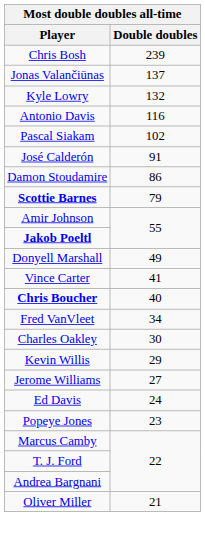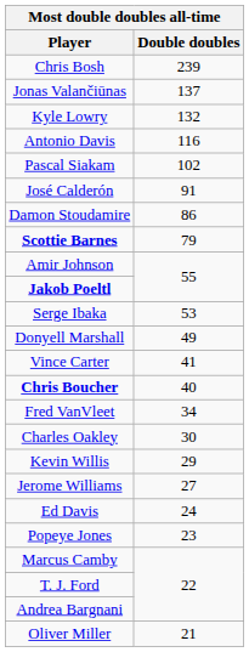 <table class="wikitable" style="text-align:center">
 <tr>
 <th colspan="2">Most double doubles all-time</th>
 </tr>
 <tr>
 <th>Player</th>
 <th>Double doubles</th>
 </tr>
 <tr>
 <td><a href='#'>Chris Bosh</a></td>
 <td>239</td>
 </tr>
 <tr>
 <td><a href='#'>Jonas Valančiūnas</a></td>
 <td>137</td>
 </tr>
 <tr>
 <td><a href='#'>Kyle Lowry</a></td>
 <td>132</td>
 </tr>
 <tr>
 <td><a href='#'>Antonio Davis</a></td>
 <td>116</td>
 </tr>
 <tr>
 <td><a href='#'>Pascal Siakam</a></td>
 <td>102</td>
 </tr>
 <tr>
 <td><a href='#'>José Calderón</a></td>
 <td>91</td>
 </tr>
 <tr>
 <td><a href='#'>Damon Stoudamire</a></td>
 <td>86</td>
 </tr>
 <tr>
 <td><strong><a href='#'>Scottie Barnes</a></strong></td>
 <td>79</td>
 </tr>
 <tr>
 <td><a href='#'>Amir Johnson</a></td>
 <td rowspan=2>55</td>
 </tr>
 <tr>
 <td><strong><a href='#'>Jakob Poeltl</a></strong></td>
+</tr>
+<tr>
+<td><a href='#'>Serge Ibaka</a></td>
+<td>53</td>
 </tr>
 <tr>
 <td><a href='#'>Donyell Marshall</a></td>
 <td>49</td>
 </tr>
 <tr>
 <td><a href='#'>Vince Carter</a></td>
 <td>41</td>
 </tr>
 <tr>
 <td><strong><a href='#'>Chris Boucher</a></strong></td>
 <td>40</td>
 </tr>
 <tr>
 <td><a href='#'>Fred VanVleet</a></td>
 <td>34</td>
 </tr>
 <tr>
 <td><a href='#'>Charles Oakley</a></td>
 <td>30</td>
 </tr>
 <tr>
 <td><a href='#'>Kevin Willis</a></td>
 <td>29</td>
 </tr>
 <tr>
 <td><a href='#'>Jerome Williams</a></td>
 <td>27</td>
 </tr>
 <tr>
 <td><a href='#'>Ed Davis</a></td>
 <td>24</td>
 </tr>
 <tr>
 <td><a href='#'>Popeye Jones</a></td>
 <td>23</td>
 </tr>
 <tr>
 <td><a href='#'>Marcus Camby</a></td>
 <td rowspan=3>22</td>
 </tr>
 <tr>
 <td><a href='#'>T. J. Ford</a></td>
 </tr>
 <tr>
 <td><a href='#'>Andrea Bargnani</a></td>
 </tr>
 <tr>
 <td><a href='#'>Oliver Miller</a></td>
 <td>21</td>
 </tr>
 </table>
